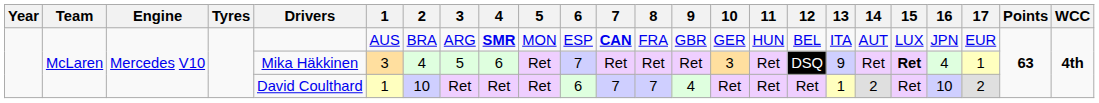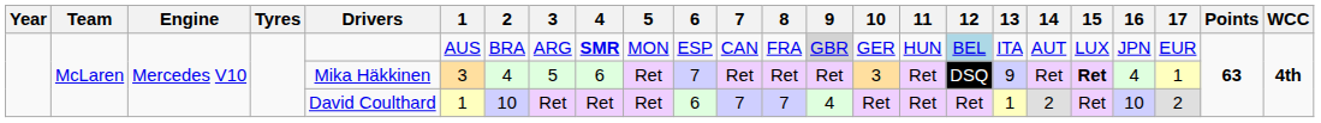 <table class="wikitable" style="text-align:center; font-size:95%">
 <tr>
 <th>Year</th>
 <th>Team</th>
 <th>Engine</th>
 <th>Tyres</th>
 <th>Drivers</th>
 <th>1</th>
 <th>2</th>
 <th>3</th>
 <th>4</th>
 <th>5</th>
 <th>6</th>
 <th>7</th>
 <th>8</th>
 <th>9</th>
 <th>10</th>
 <th>11</th>
 <th>12</th>
 <th>13</th>
 <th>14</th>
 <th>15</th>
 <th>16</th>
 <th>17</th>
 <th>Points</th>
 <th>WCC</th>
 </tr>
 <tr>
 <td rowspan="3"></td>
 <td rowspan="3"><a href='#'>McLaren</a></td>
 <td rowspan="3"><a href='#'>Mercedes</a> <a href='#'>V10</a></td>
 <td rowspan="3"></td>
 <td></td>
 <td><a href='#'>AUS</a></td>
 <td><a href='#'>BRA</a></td>
 <td><a href='#'>ARG</a></td>
 <td><strong><a href='#'>SMR</a></strong></td>
 <td><a href='#'>MON</a></td>
 <td><a href='#'>ESP</a></td>
-<td><strong><a href='#'>CAN</a></strong></td>
+<td><a href='#'>CAN</a></td>
 <td><a href='#'>FRA</a></td>
-<td><a href='#'>GBR</a></td>
+<td style="background: lightgrey;"><a href='#'>GBR</a></td>
 <td><a href='#'>GER</a></td>
 <td><a href='#'>HUN</a></td>
-<td><a href='#'>BEL</a></td>
+<td style="background: lightblue;"><a href='#'>BEL</a></td>
 <td><a href='#'>ITA</a></td>
 <td><a href='#'>AUT</a></td>
 <td><a href='#'>LUX</a></td>
 <td><a href='#'>JPN</a></td>
 <td><a href='#'>EUR</a></td>
 <td rowspan="3"><strong>63</strong></td>
 <td rowspan="3"><strong>4th</strong></td>
 </tr>
 <tr>
 <td><a href='#'>Mika Häkkinen</a></td>
 <td style="background:#FFDF9F;">3</td>
 <td style="background:#DFFFDF;">4</td>
 <td style="background:#DFFFDF;">5</td>
 <td style="background:#DFFFDF;">6</td>
 <td style="background:#EFCFFF;">Ret</td>
 <td style="background:#CFCFFF;">7</td>
 <td style="background:#EFCFFF;">Ret</td>
 <td style="background:#EFCFFF;">Ret</td>
 <td style="background:#EFCFFF;">Ret</td>
 <td style="background:#FFDF9F;">3</td>
 <td style="background:#EFCFFF;">Ret</td>
 <td style="background:#000000; color:white">DSQ</td>
 <td style="background:#CFCFFF;">9</td>
 <td style="background:#EFCFFF;">Ret</td>
 <td style="background:#EFCFFF;"><strong>Ret</strong></td>
 <td style="background:#DFFFDF;">4</td>
 <td style="background:#FFFFBF;">1</td>
 </tr>
 <tr>
 <td><a href='#'>David Coulthard</a></td>
 <td style="background:#FFFFBF;">1</td>
 <td style="background:#CFCFFF;">10</td>
 <td style="background:#EFCFFF;">Ret</td>
 <td style="background:#EFCFFF;">Ret</td>
 <td style="background:#EFCFFF;">Ret</td>
 <td style="background:#DFFFDF;">6</td>
 <td style="background:#CFCFFF;">7</td>
 <td style="background:#CFCFFF;">7</td>
 <td style="background:#DFFFDF;">4</td>
 <td style="background:#EFCFFF;">Ret</td>
 <td style="background:#EFCFFF;">Ret</td>
 <td style="background:#EFCFFF;">Ret</td>
 <td style="background:#FFFFBF;">1</td>
 <td style="background:#DFDFDF;">2</td>
 <td style="background:#EFCFFF;">Ret</td>
 <td style="background:#CFCFFF;">10</td>
 <td style="background:#DFDFDF;">2</td>
 </tr>
 </table>
